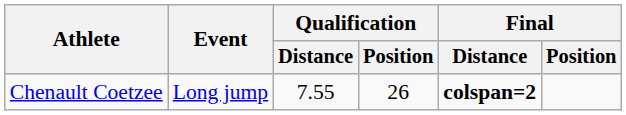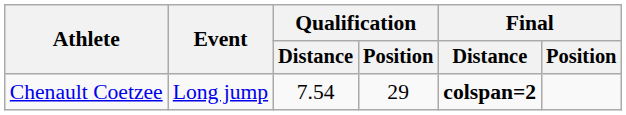 <table class=wikitable style=font-size:90%>
 <tr>
 <th rowspan=2>Athlete</th>
 <th rowspan=2>Event</th>
 <th colspan=2>Qualification</th>
 <th colspan=2>Final</th>
 </tr>
 <tr style=font-size:95%>
 <th>Distance</th>
 <th>Position</th>
 <th>Distance</th>
 <th>Position</th>
 </tr>
 <tr align=center>
 <td align=left><a href='#'>Chenault Coetzee</a></td>
 <td align=left><a href='#'>Long jump</a></td>
-<td>7.55</td>
-<td>26</td>
+<td>7.54</td>
+<td>29</td>
 <td><strong>colspan=2 </strong></td>
 </tr>
 </table>
